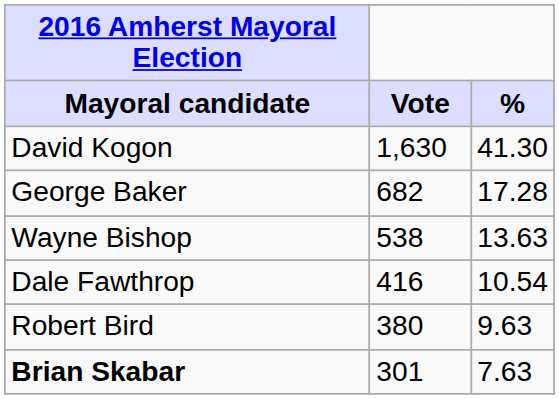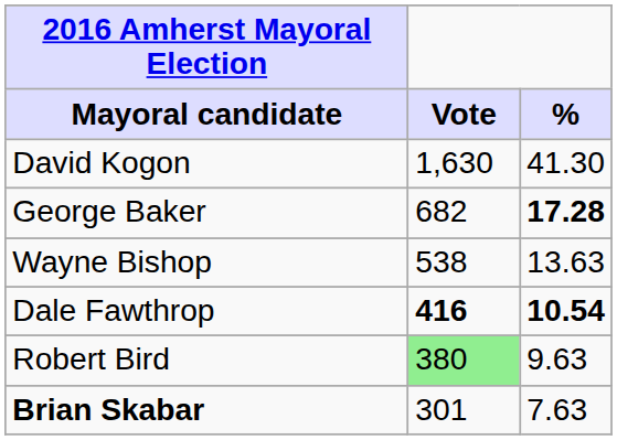 <table class="wikitable">
 <tr>
 <th style="background:#ddf;"><a href='#'>2016 Amherst Mayoral Election</a></th>
 </tr>
 <tr>
 <th style="background:#ddf; width:200px;">Mayoral candidate</th>
 <th style="background:#ddf; width:50px;">Vote</th>
 <th style="background:#ddf; width:30px;">%</th>
 </tr>
 <tr>
 <td>David Kogon</td>
 <td>1,630</td>
 <td>41.30</td>
 </tr>
 <tr>
 <td>George Baker</td>
 <td>682</td>
-<td>17.28</td>
+<td><strong>17.28</strong></td>
 </tr>
 <tr>
 <td>Wayne Bishop</td>
 <td>538</td>
 <td>13.63</td>
 </tr>
 <tr>
 <td>Dale Fawthrop</td>
-<td>416</td>
-<td>10.54</td>
+<td><strong>416</strong></td>
+<td><strong>10.54</strong></td>
 </tr>
 <tr>
 <td>Robert Bird</td>
-<td>380</td>
+<td style="background: lightgreen;">380</td>
 <td>9.63</td>
 </tr>
 <tr>
 <td><strong>Brian Skabar</strong></td>
 <td>301</td>
 <td>7.63</td>
 </tr>
 </table>
